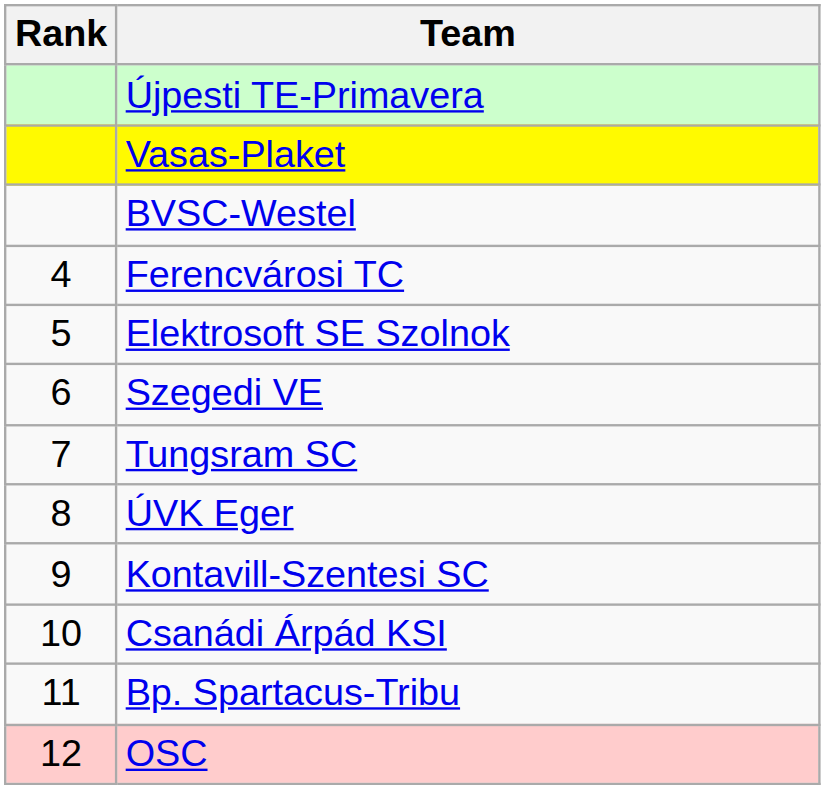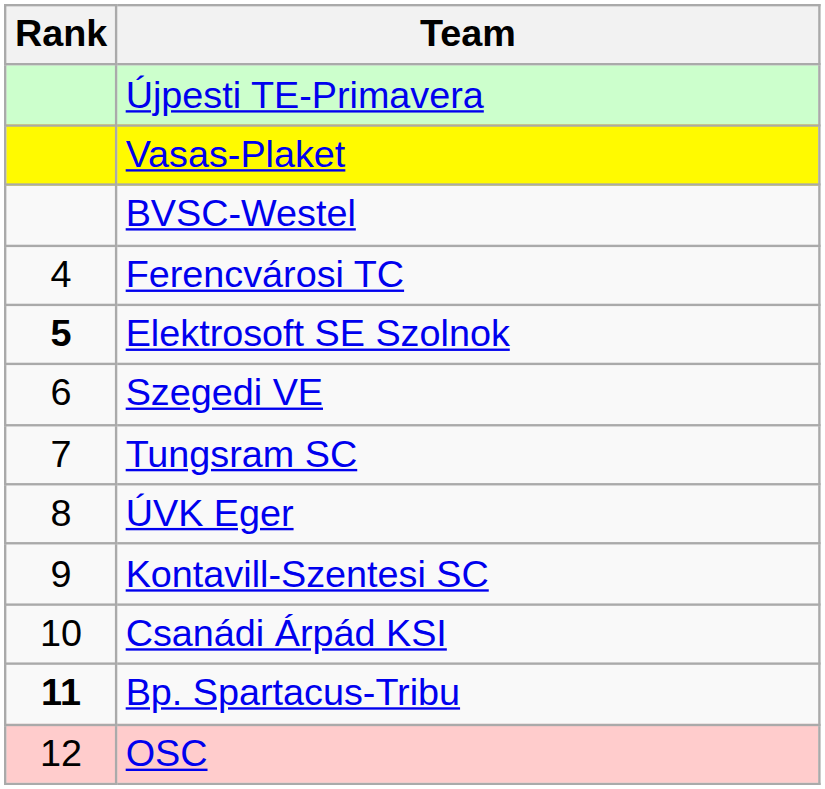 <table class="wikitable">
 <tr>
 <th width=40>Rank</th>
 <th width=290>Team</th>
 </tr>
 <tr bgcolor=#ccffcc>
 <td align="center"></td>
 <td align="left"> <a href='#'>Újpesti TE-Primavera</a></td>
 </tr>
 <tr bgcolor=#fffa00>
 <td align="center"></td>
 <td align="left"> <a href='#'>Vasas-Plaket</a></td>
 </tr>
 <tr>
 <td align="center"></td>
 <td align="left"> <a href='#'>BVSC-Westel</a></td>
 </tr>
 <tr>
 <td align="center">4</td>
 <td align="left"> <a href='#'>Ferencvárosi TC</a></td>
 </tr>
 <tr>
-<td align="center">5</td>
+<td align="center"><strong>5</strong></td>
 <td align="left"> <a href='#'>Elektrosoft SE Szolnok</a></td>
 </tr>
 <tr>
 <td align="center">6</td>
 <td align="left"> <a href='#'>Szegedi VE</a></td>
 </tr>
 <tr>
 <td align="center">7</td>
 <td align="left"> <a href='#'>Tungsram SC</a></td>
 </tr>
 <tr>
 <td align="center">8</td>
 <td align="left"> <a href='#'>ÚVK Eger</a></td>
 </tr>
 <tr>
 <td align="center">9</td>
 <td align="left"> <a href='#'>Kontavill-Szentesi SC</a></td>
 </tr>
 <tr>
 <td align="center">10</td>
 <td align="left"> <a href='#'>Csanádi Árpád KSI</a></td>
 </tr>
 <tr>
-<td align="center">11</td>
+<td align="center"><strong>11</strong></td>
 <td align="left"> <a href='#'>Bp. Spartacus-Tribu</a></td>
 </tr>
 <tr bgcolor=#ffcccc>
 <td align="center">12</td>
 <td align="left"> <a href='#'>OSC</a></td>
 </tr>
 </table>
